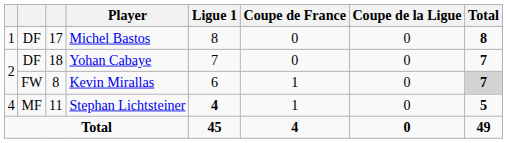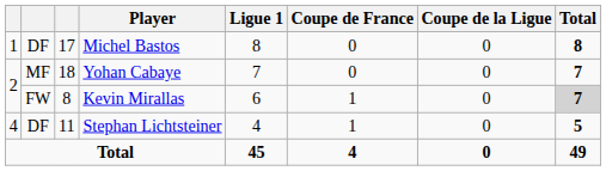 <table class="wikitable sortable" style="text-align:center">
 <tr>
 <th></th>
 <th></th>
 <th></th>
 <th>Player</th>
 <th>Ligue 1</th>
 <th>Coupe de France</th>
 <th>Coupe de la Ligue</th>
 <th><strong>Total</strong></th>
 </tr>
 <tr>
 <td>1</td>
 <td>DF</td>
 <td>17</td>
 <td style="text-align:left;"> <a href='#'>Michel Bastos</a></td>
 <td>8</td>
 <td>0</td>
 <td>0</td>
 <td><strong>8</strong></td>
 </tr>
 <tr>
 <td rowspan=2>2</td>
-<td>DF</td>
+<td>MF</td>
 <td>18</td>
 <td style="text-align:left;"> <a href='#'>Yohan Cabaye</a></td>
 <td>7</td>
 <td>0</td>
 <td>0</td>
 <td><strong>7</strong></td>
 </tr>
 <tr>
 <td>FW</td>
 <td>8</td>
 <td style="text-align:left;"> <a href='#'>Kevin Mirallas</a></td>
 <td>6</td>
 <td>1</td>
 <td>0</td>
 <td style="background: lightgrey;"><strong>7</strong></td>
 </tr>
 <tr>
 <td>4</td>
-<td>MF</td>
+<td>DF</td>
 <td>11</td>
 <td style="text-align:left;"> <a href='#'>Stephan Lichtsteiner</a></td>
-<td><strong>4</strong></td>
+<td>4</td>
 <td>1</td>
 <td>0</td>
 <td><strong>5</strong></td>
 </tr>
 <tr class="sortbottom">
 <td colspan="4"><strong>Total</strong></td>
 <td><strong>45</strong></td>
 <td><strong>4</strong></td>
 <td><strong>0</strong></td>
 <td><strong>49</strong></td>
 </tr>
 </table>
